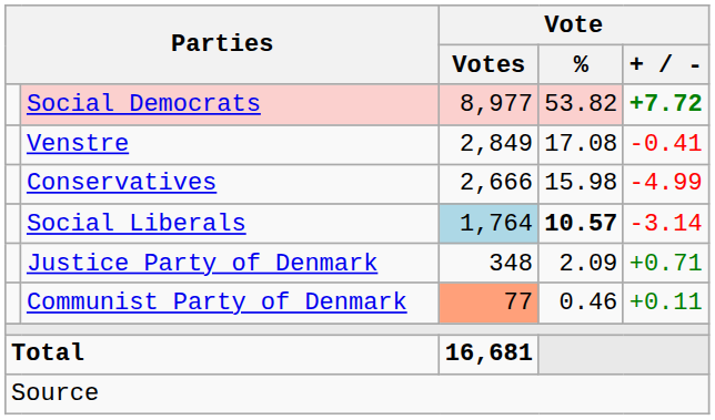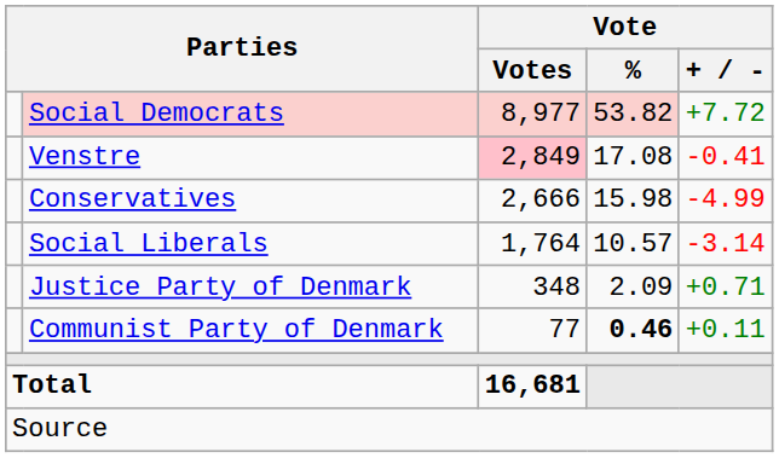 <table class="wikitable" style="text-align:right;">
 <tr>
 <th style="text-align:centre;" rowspan="2" colspan="2" width="225">Parties</th>
 <th colspan="3">Vote</th>
 </tr>
 <tr>
 <th width="15">Votes</th>
 <th width="15">%</th>
 <th width="15">+ / -</th>
 </tr>
 <tr>
 <td width="2" style="color:inherit;background:"></td>
 <td bgcolor=#fbd0ce  align="left"><a href='#'>Social Democrats</a></td>
 <td bgcolor=#fbd0ce>8,977</td>
 <td bgcolor=#fbd0ce>53.82</td>
-<td style=color:green;><strong>+7.72</strong></td>
+<td style=color:green;>+7.72</td>
 </tr>
 <tr>
 <td width="2" style="color:inherit;background:"></td>
 <td align="left"><a href='#'>Venstre</a></td>
-<td>2,849</td>
+<td style="background: pink;">2,849</td>
 <td>17.08</td>
 <td style=color:red;>-0.41</td>
 </tr>
 <tr>
 <td width="2" style="color:inherit;background:"></td>
 <td align="left"><a href='#'>Conservatives</a></td>
 <td>2,666</td>
 <td>15.98</td>
 <td style=color:red;>-4.99</td>
 </tr>
 <tr>
 <td width="2" style="color:inherit;background:"></td>
 <td align="left"><a href='#'>Social Liberals</a></td>
-<td style="background: lightblue;">1,764</td>
-<td><strong>10.57</strong></td>
+<td>1,764</td>
+<td>10.57</td>
 <td style=color:red;>-3.14</td>
 </tr>
 <tr>
 <td width="2" style="color:inherit;background:"></td>
 <td align="left"><a href='#'>Justice Party of Denmark</a></td>
 <td>348</td>
 <td>2.09</td>
 <td style=color:green;>+0.71</td>
 </tr>
 <tr>
 <td width="2" style="color:inherit;background:"></td>
 <td align="left"><a href='#'>Communist Party of Denmark</a></td>
-<td style="background: lightsalmon;">77</td>
-<td>0.46</td>
+<td>77</td>
+<td><strong>0.46</strong></td>
 <td style=color:green;>+0.11</td>
 </tr>
 <tr>
 <td colspan="7" bgcolor="#E9E9E9"></td>
 </tr>
 <tr>
 <td align="left" colspan="2"><strong>Total</strong></td>
 <td><strong>16,681</strong></td>
 <td bgcolor="#E9E9E9" colspan="2"></td>
 </tr>
 <tr>
 <td align="left" colspan="6">Source</td>
 </tr>
 </table>
